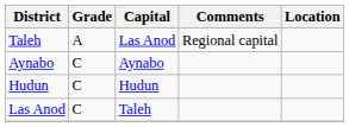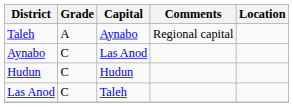 <table class="wikitable sortable">
 <tr>
 <th>District</th>
 <th>Grade</th>
 <th>Capital</th>
 <th>Comments</th>
 <th>Location</th>
 </tr>
 <tr>
 <td><a href='#'>Taleh</a></td>
 <td>A</td>
-<td><a href='#'>Las Anod</a></td>
+<td><a href='#'>Aynabo</a></td>
 <td>Regional capital</td>
 <td></td>
 </tr>
 <tr>
 <td><a href='#'>Aynabo</a></td>
 <td>C</td>
-<td><a href='#'>Aynabo</a></td>
+<td><a href='#'>Las Anod</a></td>
 <td></td>
 <td></td>
 </tr>
 <tr>
 <td><a href='#'>Hudun</a></td>
 <td>C</td>
 <td><a href='#'>Hudun</a></td>
 <td></td>
 <td></td>
 </tr>
 <tr>
 <td><a href='#'>Las Anod</a></td>
 <td>C</td>
 <td><a href='#'>Taleh</a></td>
 <td></td>
 <td></td>
 </tr>
 <tr>
 </tr>
 </table>
